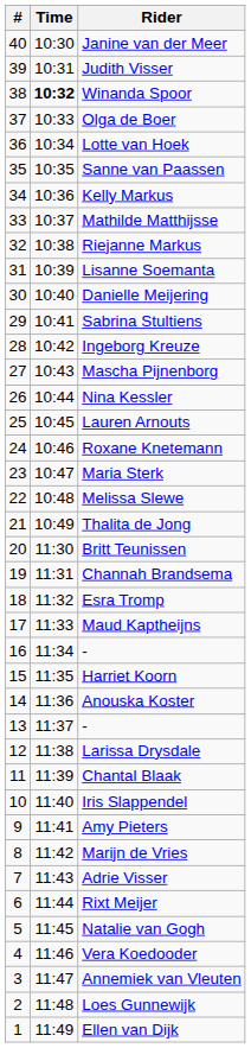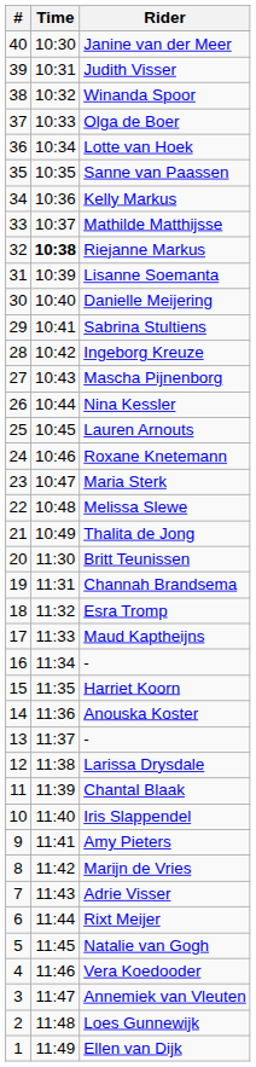 <table class=wikitable>
 <tr>
 <th>#</th>
 <th>Time</th>
 <th>Rider</th>
 </tr>
 <tr>
 <td align=center>40</td>
 <td align=center>10:30</td>
 <td><a href='#'>Janine van der Meer</a></td>
 </tr>
 <tr>
 <td align=center>39</td>
 <td align=center>10:31</td>
 <td><a href='#'>Judith Visser</a></td>
 </tr>
 <tr>
 <td align=center>38</td>
-<td align=center><strong>10:32</strong></td>
+<td align=center>10:32</td>
 <td><a href='#'>Winanda Spoor</a></td>
 </tr>
 <tr>
 <td align=center>37</td>
 <td align=center>10:33</td>
 <td><a href='#'>Olga de Boer</a></td>
 </tr>
 <tr>
 <td align=center>36</td>
 <td align=center>10:34</td>
 <td><a href='#'>Lotte van Hoek</a></td>
 </tr>
 <tr>
 <td align=center>35</td>
 <td align=center>10:35</td>
 <td><a href='#'>Sanne van Paassen</a></td>
 </tr>
 <tr>
 <td align=center>34</td>
 <td align=center>10:36</td>
 <td><a href='#'>Kelly Markus</a></td>
 </tr>
 <tr>
 <td align=center>33</td>
 <td align=center>10:37</td>
 <td><a href='#'>Mathilde Matthijsse</a></td>
 </tr>
 <tr>
 <td align=center>32</td>
-<td align=center>10:38</td>
+<td align=center><strong>10:38</strong></td>
 <td><a href='#'>Riejanne Markus</a></td>
 </tr>
 <tr>
 <td align=center>31</td>
 <td align=center>10:39</td>
 <td><a href='#'>Lisanne Soemanta</a></td>
 </tr>
 <tr>
 <td align=center>30</td>
 <td align=center>10:40</td>
 <td><a href='#'>Danielle Meijering</a></td>
 </tr>
 <tr>
 <td align=center>29</td>
 <td align=center>10:41</td>
 <td><a href='#'>Sabrina Stultiens</a></td>
 </tr>
 <tr>
 <td align=center>28</td>
 <td align=center>10:42</td>
 <td><a href='#'>Ingeborg Kreuze</a></td>
 </tr>
 <tr>
 <td align=center>27</td>
 <td align=center>10:43</td>
 <td><a href='#'>Mascha Pijnenborg</a></td>
 </tr>
 <tr>
 <td align=center>26</td>
 <td align=center>10:44</td>
 <td><a href='#'>Nina Kessler</a></td>
 </tr>
 <tr>
 <td align=center>25</td>
 <td align=center>10:45</td>
 <td><a href='#'>Lauren Arnouts</a></td>
 </tr>
 <tr>
 <td align=center>24</td>
 <td align=center>10:46</td>
 <td><a href='#'>Roxane Knetemann</a></td>
 </tr>
 <tr>
 <td align=center>23</td>
 <td align=center>10:47</td>
 <td><a href='#'>Maria Sterk</a></td>
 </tr>
 <tr>
 <td align=center>22</td>
 <td align=center>10:48</td>
 <td><a href='#'>Melissa Slewe</a></td>
 </tr>
 <tr>
 <td align=center>21</td>
 <td align=center>10:49</td>
 <td><a href='#'>Thalita de Jong</a></td>
 </tr>
 <tr>
 <td align=center>20</td>
 <td align=center>11:30</td>
 <td><a href='#'>Britt Teunissen</a></td>
 </tr>
 <tr>
 <td align=center>19</td>
 <td align=center>11:31</td>
 <td><a href='#'>Channah Brandsema</a></td>
 </tr>
 <tr>
 <td align=center>18</td>
 <td align=center>11:32</td>
 <td><a href='#'>Esra Tromp</a></td>
 </tr>
 <tr>
 <td align=center>17</td>
 <td align=center>11:33</td>
 <td><a href='#'>Maud Kaptheijns</a></td>
 </tr>
 <tr>
 <td align=center>16</td>
 <td align=center>11:34</td>
 <td>-</td>
 </tr>
 <tr>
 <td align=center>15</td>
 <td align=center>11:35</td>
 <td><a href='#'>Harriet Koorn</a></td>
 </tr>
 <tr>
 <td align=center>14</td>
 <td align=center>11:36</td>
 <td><a href='#'>Anouska Koster</a></td>
 </tr>
 <tr>
 <td align=center>13</td>
 <td align=center>11:37</td>
 <td>-</td>
 </tr>
 <tr>
 <td align=center>12</td>
 <td align=center>11:38</td>
 <td><a href='#'>Larissa Drysdale</a></td>
 </tr>
 <tr>
 <td align=center>11</td>
 <td align=center>11:39</td>
 <td><a href='#'>Chantal Blaak</a></td>
 </tr>
 <tr>
 <td align=center>10</td>
 <td align=center>11:40</td>
 <td><a href='#'>Iris Slappendel</a></td>
 </tr>
 <tr>
 <td align=center>9</td>
 <td align=center>11:41</td>
 <td><a href='#'>Amy Pieters</a></td>
 </tr>
 <tr>
 <td align=center>8</td>
 <td align=center>11:42</td>
 <td><a href='#'>Marijn de Vries</a></td>
 </tr>
 <tr>
 <td align=center>7</td>
 <td align=center>11:43</td>
 <td><a href='#'>Adrie Visser</a></td>
 </tr>
 <tr>
 <td align=center>6</td>
 <td align=center>11:44</td>
 <td><a href='#'>Rixt Meijer</a></td>
 </tr>
 <tr>
 <td align=center>5</td>
 <td align=center>11:45</td>
 <td><a href='#'>Natalie van Gogh</a></td>
 </tr>
 <tr>
 <td align=center>4</td>
 <td align=center>11:46</td>
 <td><a href='#'>Vera Koedooder</a></td>
 </tr>
 <tr>
 <td align=center>3</td>
 <td align=center>11:47</td>
 <td><a href='#'>Annemiek van Vleuten</a></td>
 </tr>
 <tr>
 <td align=center>2</td>
 <td align=center>11:48</td>
 <td><a href='#'>Loes Gunnewijk</a></td>
 </tr>
 <tr>
 <td align=center>1</td>
 <td align=center>11:49</td>
 <td><a href='#'>Ellen van Dijk</a></td>
 </tr>
 </table>
